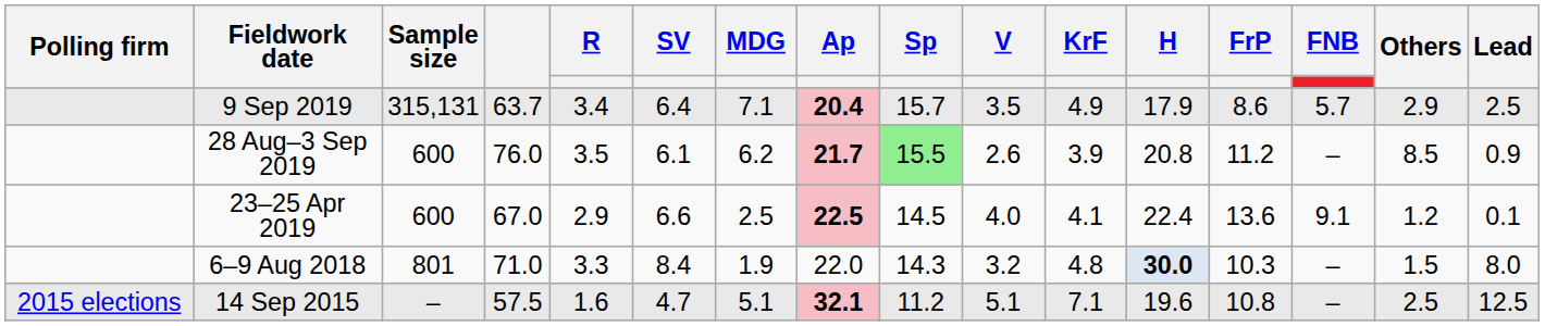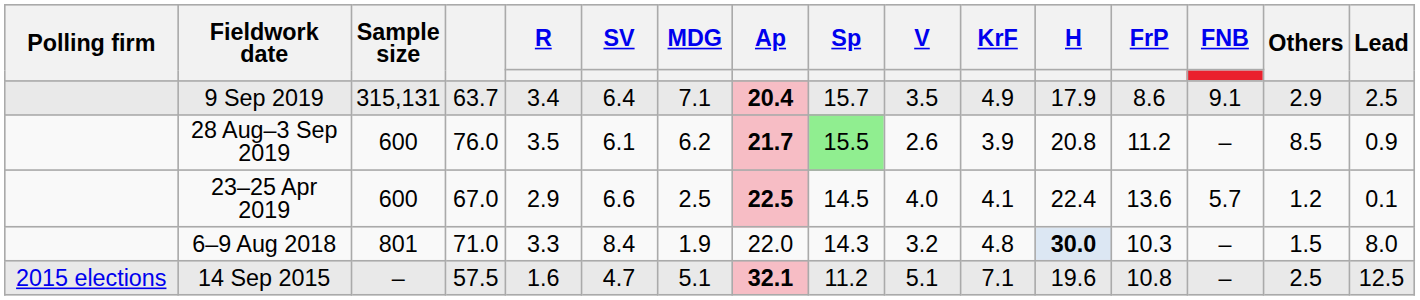 <table class="wikitable sortable" style="text-align:center;font-size:90%;line-height:14px;">
 <tr style="height:40px;">
 <th style="width:100px;" rowspan="2">Polling firm</th>
 <th style="width:100px;" rowspan="2">Fieldwork date</th>
 <th style="width:35px;" rowspan="2">Sample<br>size</th>
 <th style="width:30px;" rowspan="2"></th>
 <th class="unsortable" style="width:40px;"><a href='#'>R</a></th>
 <th class="unsortable" style="width:40px;"><a href='#'>SV</a></th>
 <th class="unsortable" style="width:40px;"><a href='#'>MDG</a></th>
 <th class="unsortable" style="width:40px;"><a href='#'>Ap</a></th>
 <th class="unsortable" style="width:40px;"><a href='#'>Sp</a></th>
 <th class="unsortable" style="width:40px;"><a href='#'>V</a></th>
 <th class="unsortable" style="width:40px;"><a href='#'>KrF</a></th>
 <th class="unsortable" style="width:40px;"><a href='#'>H</a></th>
 <th class="unsortable" style="width:40px;"><a href='#'>FrP</a></th>
 <th class="unsortable" style="width:40px;"><a href='#'>FNB</a></th>
 <th class="unsortable" style="width:30px;" rowspan="2">Others</th>
 <th style="width:30px;" rowspan="2">Lead</th>
 </tr>
 <tr>
 <th style="background:"></th>
 <th style="background:"></th>
 <th style="background:"></th>
 <th style="background:"></th>
 <th style="background:"></th>
 <th style="background:"></th>
 <th style="background:"></th>
 <th style="background:"></th>
 <th style="background:"></th>
 <th style="background:#EA212D;"></th>
 </tr>
 <tr style="background:#E9E9E9;">
 <td></td>
 <td data-sort-value="2019-09-09">9 Sep 2019</td>
 <td>315,131</td>
 <td>63.7</td>
 <td>3.4</td>
 <td>6.4</td>
 <td>7.1</td>
 <td style="background:#F7BDC5;"><strong>20.4</strong></td>
 <td>15.7</td>
 <td>3.5</td>
 <td>4.9</td>
 <td>17.9</td>
 <td>8.6</td>
-<td>5.7</td>
+<td>9.1</td>
 <td>2.9</td>
 <td style="background:">2.5</td>
 </tr>
 <tr>
 <td></td>
 <td data-sort-value="2019-09-04">28 Aug–3 Sep 2019</td>
 <td>600</td>
 <td>76.0</td>
 <td>3.5</td>
 <td>6.1</td>
 <td>6.2</td>
 <td style="background:#F7BDC5;"><strong>21.7</strong></td>
 <td style="background: lightgreen;">15.5</td>
 <td>2.6</td>
 <td>3.9</td>
 <td>20.8</td>
 <td>11.2</td>
 <td>–</td>
 <td>8.5</td>
 <td style="background:">0.9</td>
 </tr>
 <tr>
 <td></td>
 <td data-sort-value="2019-04-25">23–25 Apr 2019</td>
 <td>600</td>
 <td>67.0</td>
 <td>2.9</td>
 <td>6.6</td>
 <td>2.5</td>
 <td style="background:#F7BDC5;"><strong>22.5</strong></td>
 <td>14.5</td>
 <td>4.0</td>
 <td>4.1</td>
 <td>22.4</td>
 <td>13.6</td>
-<td>9.1</td>
+<td>5.7</td>
 <td>1.2</td>
 <td style="background:">0.1</td>
 </tr>
 <tr>
 <td></td>
 <td data-sort-value="2018-08-09">6–9 Aug 2018</td>
 <td>801</td>
 <td>71.0</td>
 <td>3.3</td>
 <td>8.4</td>
 <td>1.9</td>
 <td>22.0</td>
 <td>14.3</td>
 <td>3.2</td>
 <td>4.8</td>
 <td style="background:#DCE7F3;"><strong>30.0</strong></td>
 <td>10.3</td>
 <td>–</td>
 <td>1.5</td>
 <td style="background:">8.0</td>
 </tr>
 <tr style="background:#E9E9E9;">
 <td><a href='#'>2015 elections</a></td>
 <td data-sort-value="2015-09-14">14 Sep 2015</td>
 <td>–</td>
 <td>57.5</td>
 <td>1.6</td>
 <td>4.7</td>
 <td>5.1</td>
 <td style="background:#F7BDC5;"><strong>32.1</strong></td>
 <td>11.2</td>
 <td>5.1</td>
 <td>7.1</td>
 <td>19.6</td>
 <td>10.8</td>
 <td>–</td>
 <td>2.5</td>
 <td style="background:">12.5</td>
 </tr>
 </table>
